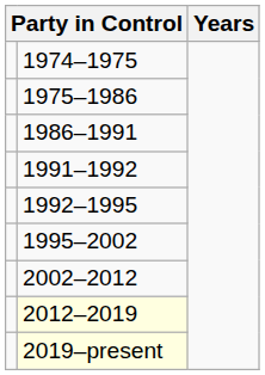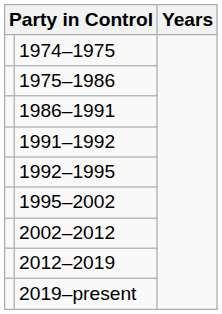 <table class="wikitable">
 <tr>
 <th colspan=2>Party in Control</th>
 <th>Years</th>
 </tr>
 <tr>
 <td></td>
 <td>1974–1975</td>
 </tr>
 <tr>
 <td></td>
 <td>1975–1986</td>
 </tr>
 <tr>
 <td></td>
 <td>1986–1991</td>
 </tr>
 <tr>
 <td></td>
 <td>1991–1992</td>
 </tr>
 <tr>
 <td></td>
 <td>1992–1995</td>
 </tr>
 <tr>
 <td></td>
 <td>1995–2002</td>
 </tr>
 <tr>
 <td></td>
 <td>2002–2012</td>
 </tr>
 <tr>
 <td></td>
-<td style="background: lightyellow;">2012–2019</td>
+<td>2012–2019</td>
 </tr>
 <tr>
 <td></td>
-<td style="background: lightyellow;">2019–present</td>
+<td>2019–present</td>
 </tr>
 </table>
